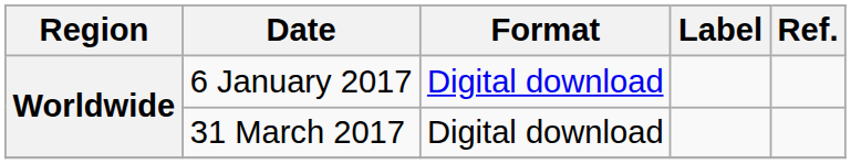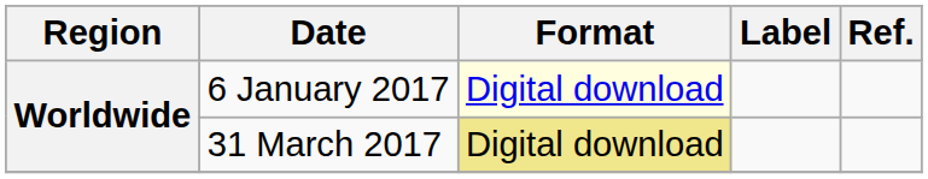 <table class="wikitable plainrowheaders">
 <tr>
 <th scope="col">Region</th>
 <th scope="col">Date</th>
 <th scope="col">Format</th>
 <th scope="col">Label</th>
 <th scope="col">Ref.</th>
 </tr>
 <tr>
 <th scope="row" rowspan="2">Worldwide</th>
 <td>6 January 2017</td>
-<td><a href='#'>Digital download</a></td>
+<td style="background: lightyellow;"><a href='#'>Digital download</a></td>
 <td></td>
 <td></td>
 </tr>
 <tr>
 <td>31 March 2017</td>
-<td>Digital download<br></td>
+<td style="background: khaki;">Digital download<br></td>
 <td></td>
 <td></td>
 </tr>
 <tr>
 </tr>
 </table>
